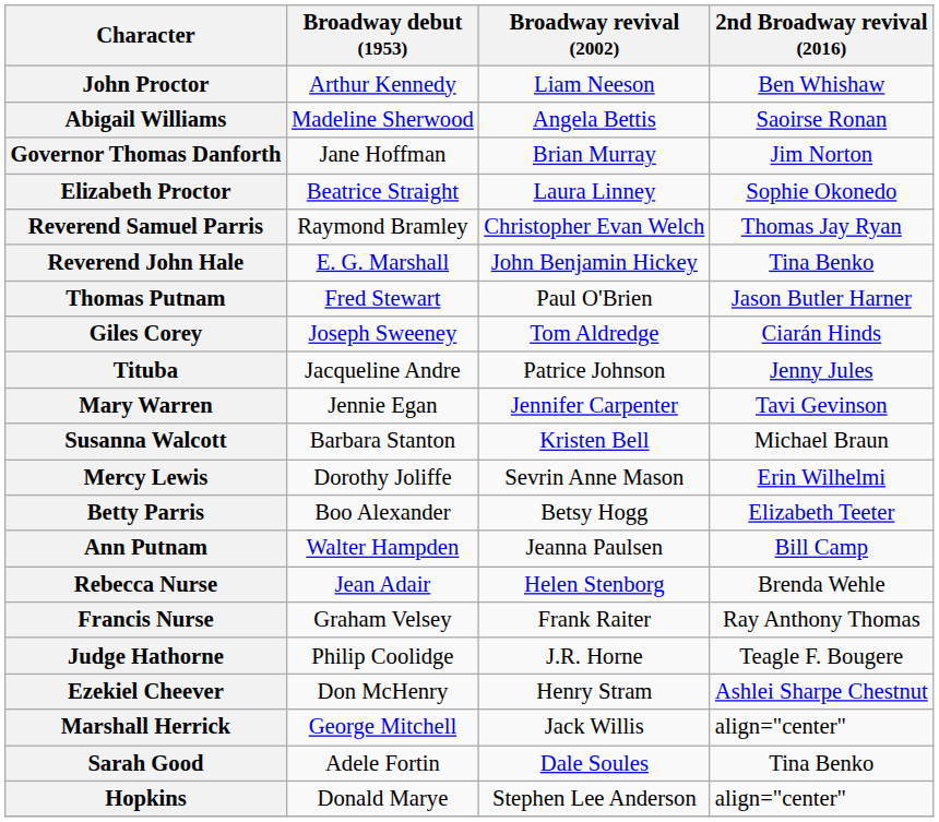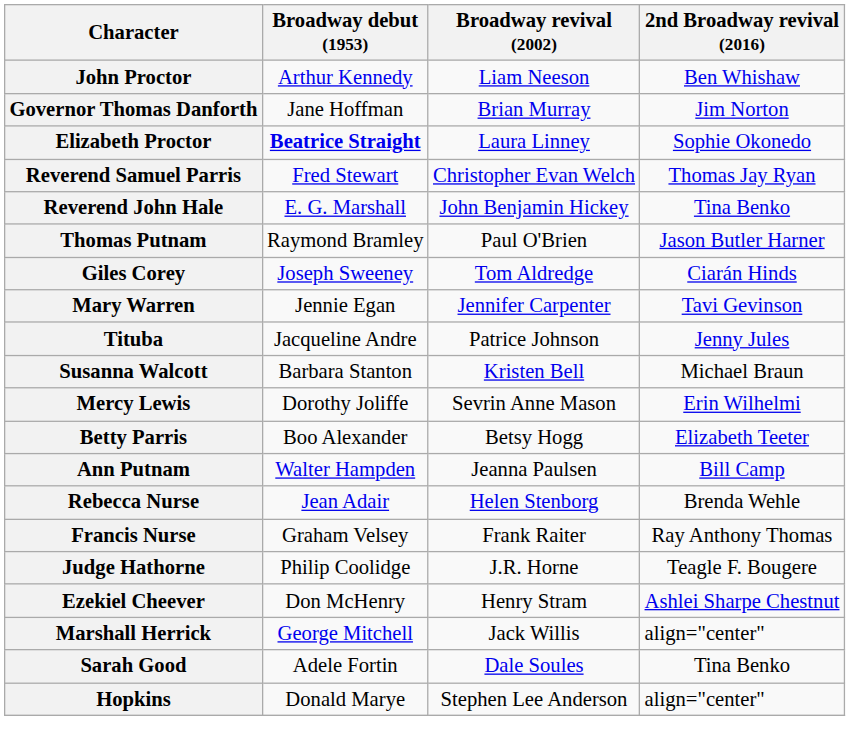 <table class="wikitable">
 <tr>
 <th rowspan="1">Character</th>
 <th>Broadway debut <br> <small> (1953) </small></th>
 <th>Broadway revival <br> <small> (2002) </small></th>
 <th>2nd Broadway revival <br> <small> (2016) </small></th>
 </tr>
 <tr>
 <th>John Proctor</th>
 <td align="center"><a href='#'>Arthur Kennedy</a></td>
 <td align="center"><a href='#'>Liam Neeson</a></td>
 <td align="center"><a href='#'>Ben Whishaw</a></td>
 </tr>
 <tr>
-<th>Abigail Williams</th>
-<td align="center"><a href='#'>Madeline Sherwood</a></td>
-<td align="center"><a href='#'>Angela Bettis</a></td>
-<td align="center"><a href='#'>Saoirse Ronan</a></td>
-</tr>
-<tr>
 <th>Governor Thomas Danforth</th>
 <td align="center">Jane Hoffman</td>
 <td align="center"><a href='#'>Brian Murray</a></td>
 <td align="center"><a href='#'>Jim Norton</a></td>
 </tr>
 <tr>
 <th>Elizabeth Proctor</th>
-<td align="center"><a href='#'>Beatrice Straight</a></td>
+<td align="center"><strong><a href='#'>Beatrice Straight</a></strong></td>
 <td align="center"><a href='#'>Laura Linney</a></td>
 <td align="center"><a href='#'>Sophie Okonedo</a></td>
 </tr>
 <tr>
 <th>Reverend Samuel Parris</th>
-<td align="center">Raymond Bramley</td>
+<td align="center"><a href='#'>Fred Stewart</a></td>
 <td align="center"><a href='#'>Christopher Evan Welch</a></td>
 <td align="center"><a href='#'>Thomas Jay Ryan</a></td>
 </tr>
 <tr>
 <th>Reverend John Hale</th>
 <td align="center"><a href='#'>E. G. Marshall</a></td>
 <td align="center"><a href='#'>John Benjamin Hickey</a></td>
 <td align="center"><a href='#'>Tina Benko</a></td>
 </tr>
 <tr>
 <th>Thomas Putnam</th>
-<td align="center"><a href='#'>Fred Stewart</a></td>
+<td align="center">Raymond Bramley</td>
 <td align="center">Paul O'Brien</td>
 <td align="center"><a href='#'>Jason Butler Harner</a></td>
 </tr>
 <tr>
 <th>Giles Corey</th>
 <td align="center"><a href='#'>Joseph Sweeney</a></td>
 <td align="center"><a href='#'>Tom Aldredge</a></td>
 <td align="center"><a href='#'>Ciarán Hinds</a></td>
 </tr>
 <tr>
+<th>Mary Warren</th>
+<td align="center">Jennie Egan</td>
+<td align="center"><a href='#'>Jennifer Carpenter</a></td>
+<td align="center"><a href='#'>Tavi Gevinson</a></td>
+</tr>
+<tr>
 <th>Tituba</th>
 <td align="center">Jacqueline Andre</td>
 <td align="center">Patrice Johnson</td>
 <td align="center"><a href='#'>Jenny Jules</a></td>
-</tr>
-<tr>
-<th>Mary Warren</th>
-<td align="center">Jennie Egan</td>
-<td align="center"><a href='#'>Jennifer Carpenter</a></td>
-<td align="center"><a href='#'>Tavi Gevinson</a></td>
 </tr>
 <tr>
 <th>Susanna Walcott</th>
 <td align="center">Barbara Stanton</td>
 <td align="center"><a href='#'>Kristen Bell</a></td>
 <td align="center">Michael Braun</td>
 </tr>
 <tr>
 <th>Mercy Lewis</th>
 <td align="center">Dorothy Joliffe</td>
 <td align="center">Sevrin Anne Mason</td>
 <td align="center"><a href='#'>Erin Wilhelmi</a></td>
 </tr>
 <tr>
 <th>Betty Parris</th>
 <td align="center">Boo Alexander</td>
 <td align="center">Betsy Hogg</td>
 <td align="center"><a href='#'>Elizabeth Teeter</a></td>
 </tr>
 <tr>
 <th>Ann Putnam</th>
 <td align="center"><a href='#'>Walter Hampden</a></td>
 <td align="center">Jeanna Paulsen</td>
 <td align="center"><a href='#'>Bill Camp</a></td>
 </tr>
 <tr>
 <th>Rebecca Nurse</th>
 <td align="center"><a href='#'>Jean Adair</a></td>
 <td align="center"><a href='#'>Helen Stenborg</a></td>
 <td align="center">Brenda Wehle</td>
 </tr>
 <tr>
 <th>Francis Nurse</th>
 <td align="center">Graham Velsey</td>
 <td align="center">Frank Raiter</td>
 <td align="center">Ray Anthony Thomas</td>
 </tr>
 <tr>
 <th>Judge Hathorne</th>
 <td align="center">Philip Coolidge</td>
 <td align="center">J.R. Horne</td>
 <td align="center">Teagle F. Bougere</td>
 </tr>
 <tr>
 <th>Ezekiel Cheever</th>
 <td align="center">Don McHenry</td>
 <td align="center">Henry Stram</td>
 <td align="center"><a href='#'>Ashlei Sharpe Chestnut</a></td>
 </tr>
 <tr>
 <th>Marshall Herrick</th>
 <td align="center"><a href='#'>George Mitchell</a></td>
 <td align="center">Jack Willis</td>
 <td>align="center" </td>
 </tr>
 <tr>
 <th>Sarah Good</th>
 <td align="center">Adele Fortin</td>
 <td align="center"><a href='#'>Dale Soules</a></td>
 <td align="center">Tina Benko</td>
 </tr>
 <tr>
 <th>Hopkins</th>
 <td align="center">Donald Marye</td>
 <td align="center">Stephen Lee Anderson</td>
 <td>align="center" </td>
 </tr>
 <tr>
 </tr>
 </table>
